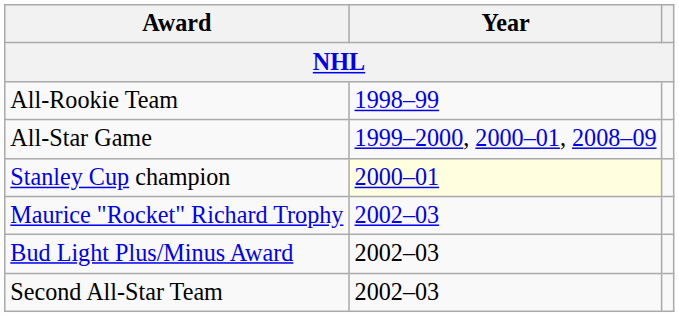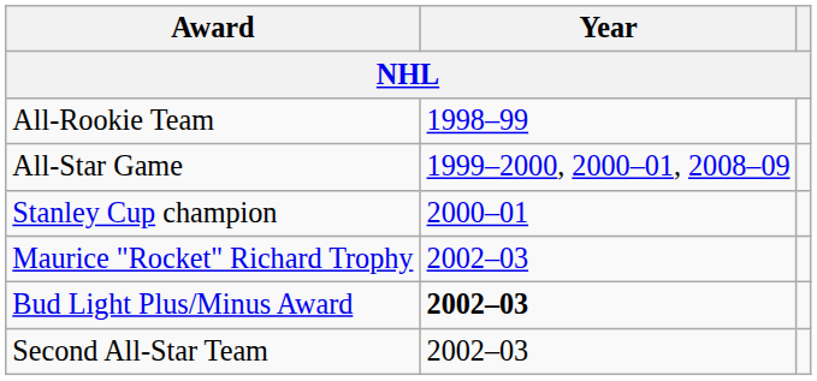 <table class="wikitable">
 <tr>
 <th>Award</th>
 <th>Year</th>
 <th></th>
 </tr>
 <tr>
 <th colspan="3"><a href='#'>NHL</a></th>
 </tr>
 <tr>
 <td>All-Rookie Team</td>
 <td><a href='#'>1998–99</a></td>
 <td></td>
 </tr>
 <tr>
 <td>All-Star Game</td>
 <td><a href='#'>1999–2000</a>, <a href='#'>2000–01</a>, <a href='#'>2008–09</a></td>
 <td></td>
 </tr>
 <tr>
 <td><a href='#'>Stanley Cup</a> champion</td>
-<td style="background: lightyellow;"><a href='#'>2000–01</a></td>
+<td><a href='#'>2000–01</a></td>
 <td></td>
 </tr>
 <tr>
 <td><a href='#'>Maurice "Rocket" Richard Trophy</a></td>
 <td><a href='#'>2002–03</a></td>
 <td></td>
 </tr>
 <tr>
 <td><a href='#'>Bud Light Plus/Minus Award</a></td>
-<td>2002–03</td>
+<td><strong>2002–03</strong></td>
 <td></td>
 </tr>
 <tr>
 <td>Second All-Star Team</td>
 <td>2002–03</td>
 <td></td>
 </tr>
 </table>
